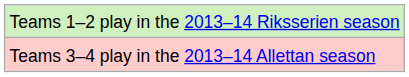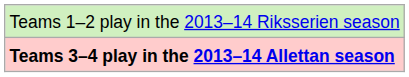 <table class="wikitable">
 <tr style="background: #D0F0C0;">
 <td><small>Teams 1–2 play in the <a href='#'>2013–14 Riksserien season</a></small></td>
 </tr>
 <tr style="background: #FFCCCC;">
-<td><small>Teams 3–4 play in the <a href='#'>2013–14 Allettan season</a></small></td>
+<td><strong><small>Teams 3–4 play in the <a href='#'>2013–14 Allettan season</a></small></strong></td>
 </tr>
 </table>
